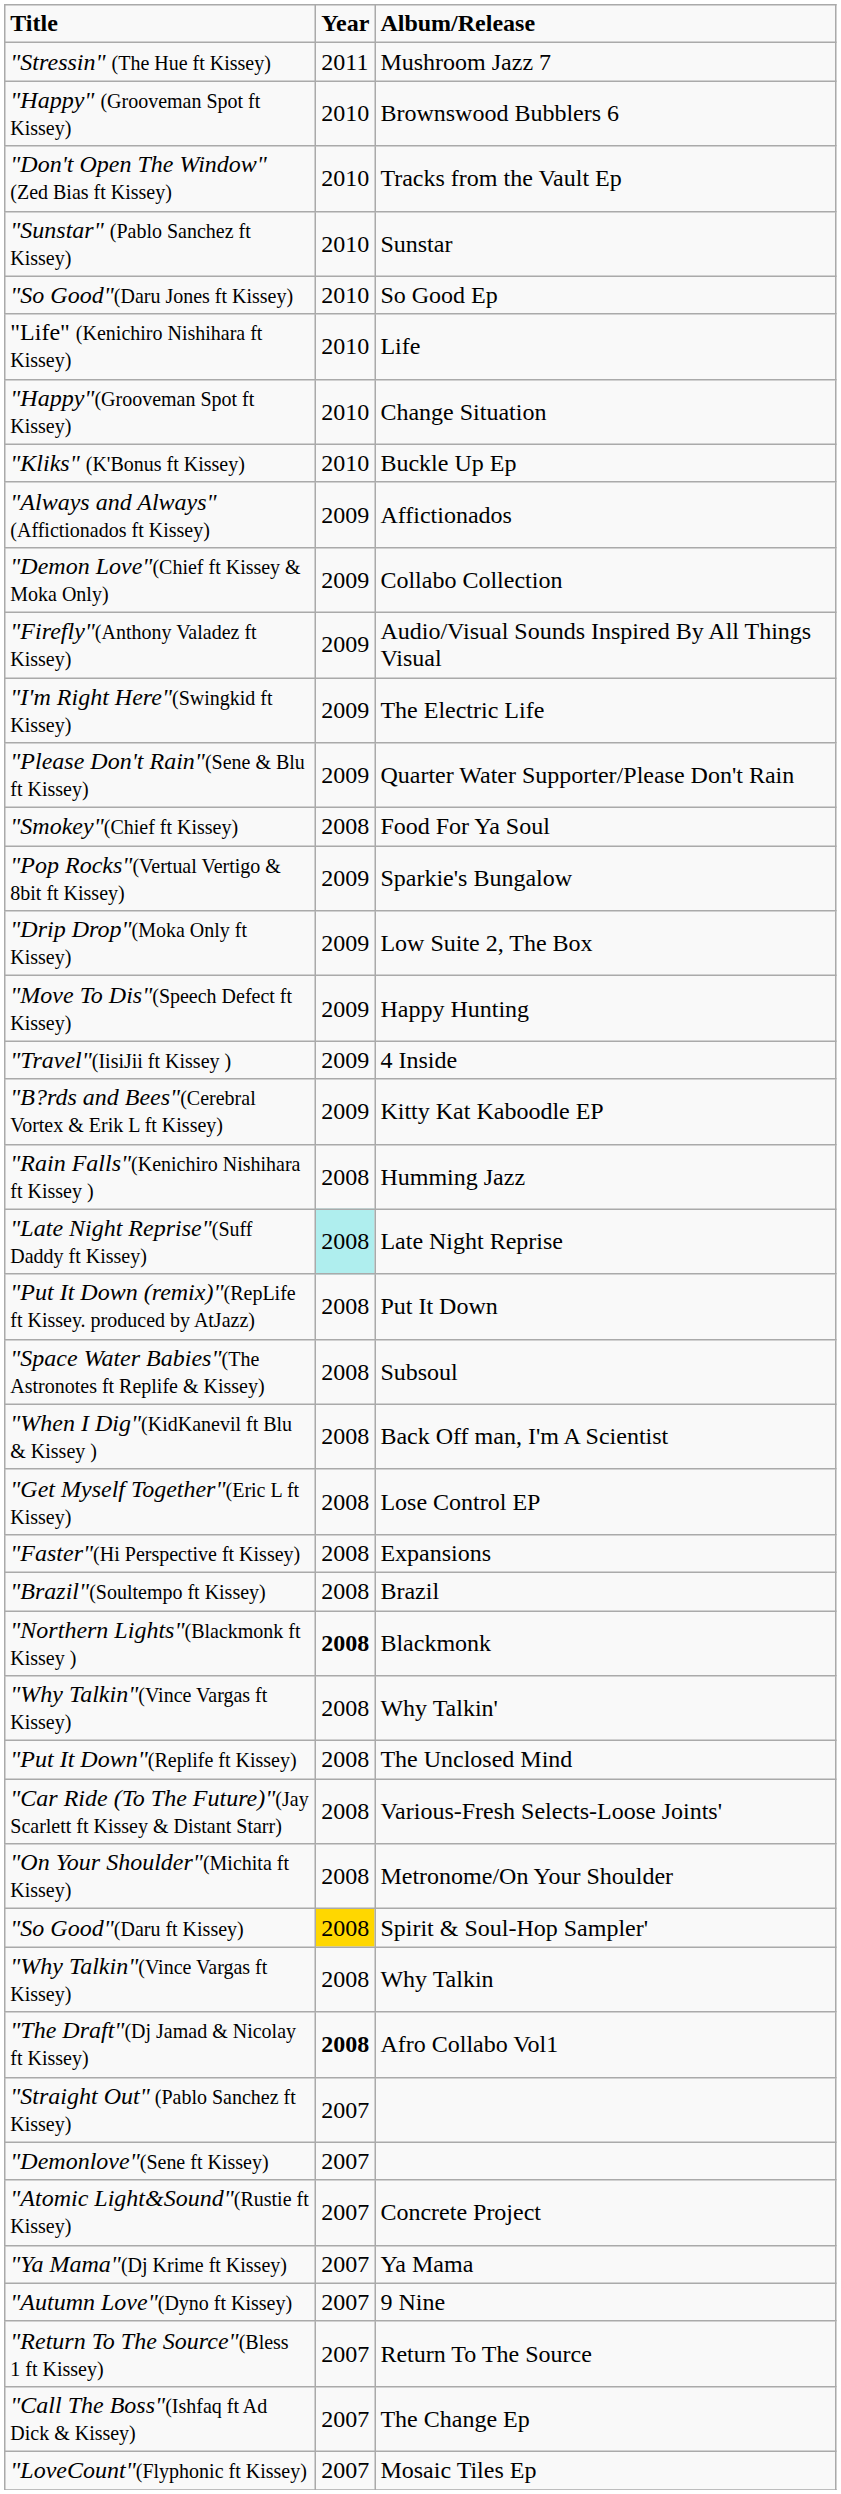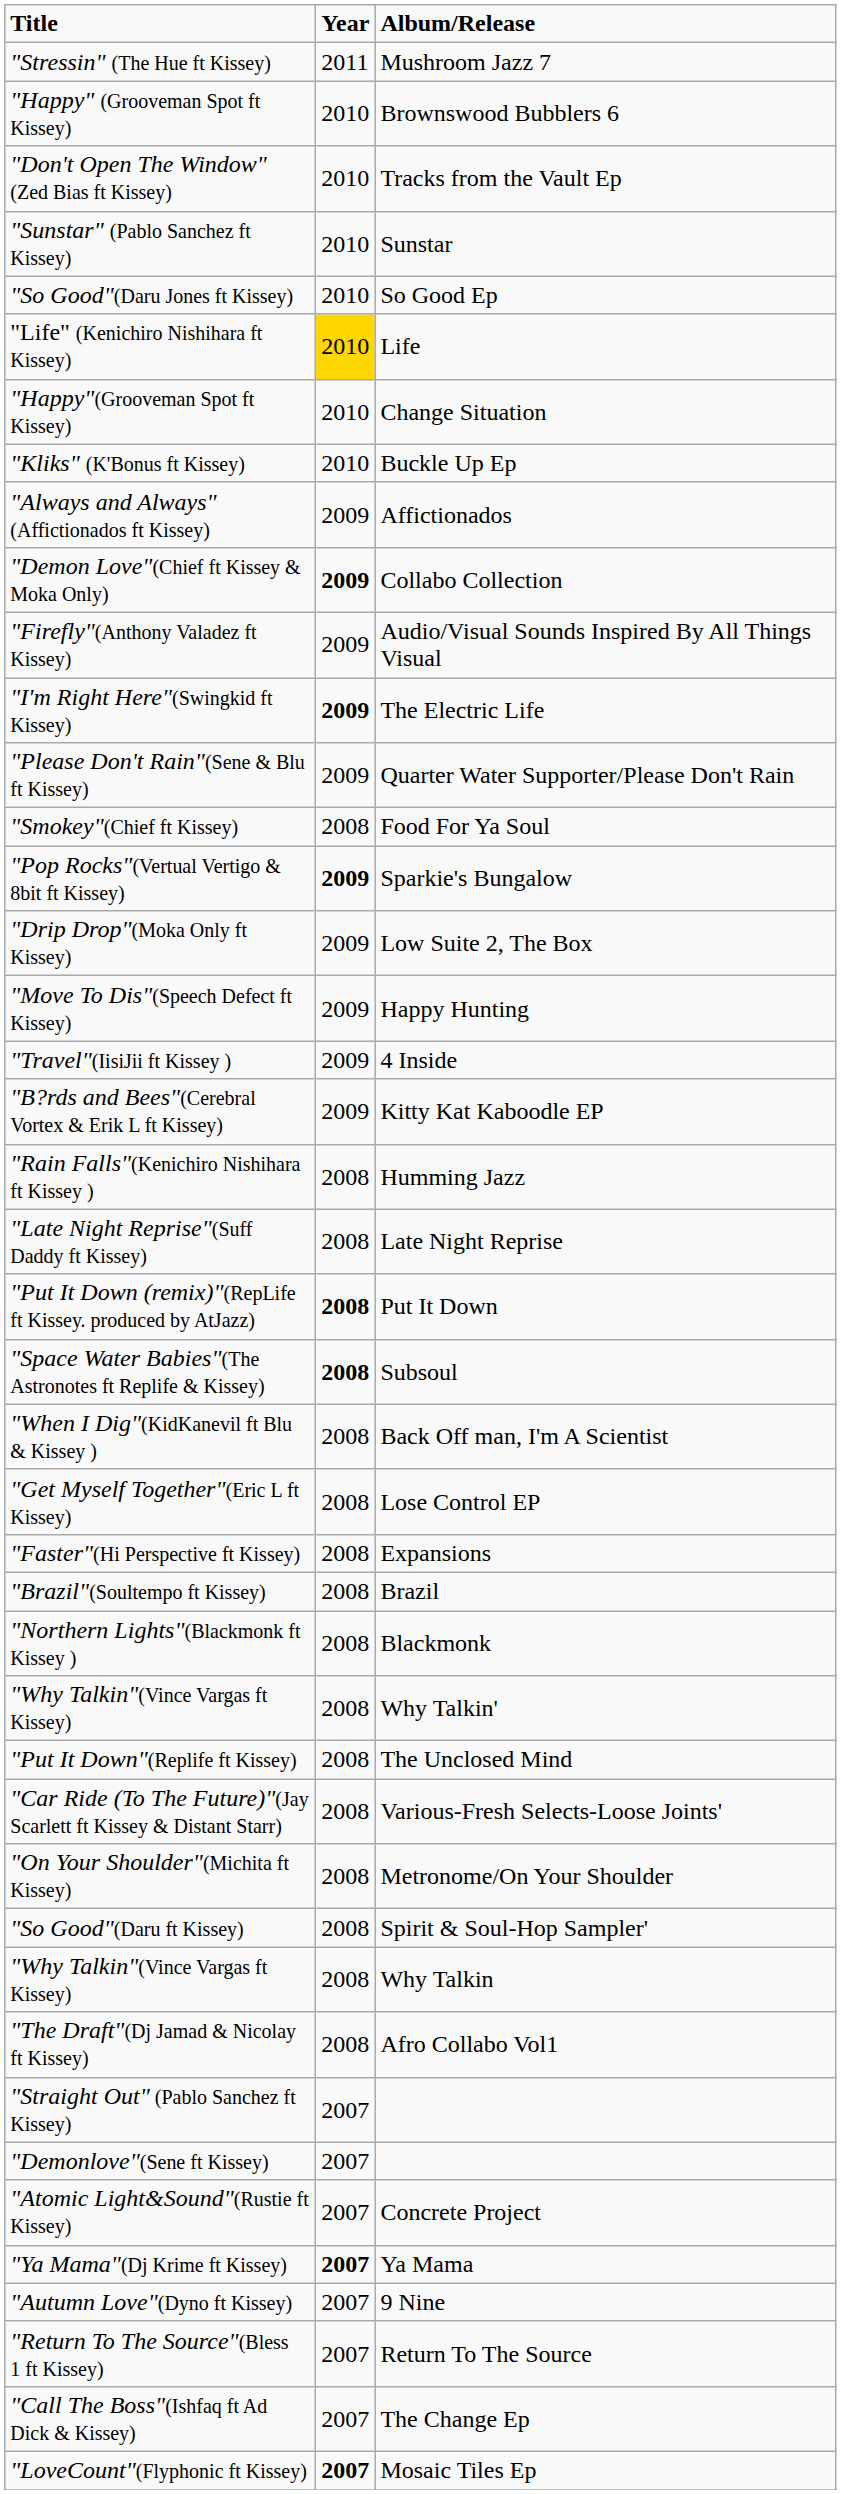 <table class="wikitable">
 <tr>
 <td width="200pt"><strong>Title</strong></td>
 <td width="20pt"><strong>Year</strong></td>
 <td width="300pt"><strong>Album/Release</strong></td>
 </tr>
 <tr>
 <td><em>"Stressin"</em> <small>(The Hue ft Kissey)</small></td>
 <td>2011</td>
 <td>Mushroom Jazz 7</td>
 </tr>
 <tr>
 <td><em>"Happy"</em> <small>(Grooveman Spot ft Kissey)</small></td>
 <td>2010</td>
 <td>Brownswood Bubblers 6</td>
 </tr>
 <tr>
 <td><em>"Don't Open The Window"</em> <small>(Zed Bias ft Kissey)</small></td>
 <td>2010</td>
 <td>Tracks from the Vault Ep</td>
 </tr>
 <tr>
 <td><em>"Sunstar"</em> <small>(Pablo Sanchez ft Kissey)</small></td>
 <td>2010</td>
 <td>Sunstar</td>
 </tr>
 <tr>
 <td><em>"So Good"</em><small>(Daru Jones ft Kissey)</small></td>
 <td>2010</td>
 <td>So Good Ep</td>
 </tr>
 <tr>
 <td>"Life" <small>(Kenichiro Nishihara ft Kissey)</small></td>
-<td>2010</td>
+<td style="background: gold;">2010</td>
 <td>Life</td>
 </tr>
 <tr>
 <td><em>"Happy"</em><small>(Grooveman Spot ft Kissey)</small></td>
 <td>2010</td>
 <td>Change Situation</td>
 </tr>
 <tr>
 <td><em>"Kliks"</em> <small>(K'Bonus ft Kissey)</small></td>
 <td>2010</td>
 <td>Buckle Up Ep</td>
 </tr>
 <tr>
 <td><em>"Always and Always"</em> <small>(Affictionados ft Kissey)</small></td>
 <td>2009</td>
 <td>Affictionados</td>
 </tr>
 <tr>
 <td><em>"Demon Love"</em><small>(Chief ft Kissey & Moka Only)</small></td>
-<td>2009</td>
+<td><strong>2009</strong></td>
 <td>Collabo Collection</td>
 </tr>
 <tr>
 <td><em>"Firefly"</em><small>(Anthony Valadez ft Kissey)</small></td>
 <td>2009</td>
 <td>Audio/Visual Sounds Inspired By All Things Visual</td>
 </tr>
 <tr>
 <td><em>"I'm Right Here"</em><small>(Swingkid ft Kissey)</small></td>
-<td>2009</td>
+<td><strong>2009</strong></td>
 <td>The Electric Life</td>
 </tr>
 <tr>
 <td><em>"Please Don't Rain"</em><small>(Sene & Blu ft Kissey)</small></td>
 <td>2009</td>
 <td>Quarter Water Supporter/Please Don't Rain</td>
 </tr>
 <tr>
 <td><em>"Smokey"</em><small>(Chief ft Kissey)</small></td>
 <td>2008</td>
 <td>Food For Ya Soul</td>
 </tr>
 <tr>
 <td><em>"Pop Rocks"</em><small>(Vertual Vertigo & 8bit ft Kissey)</small></td>
-<td>2009</td>
+<td><strong>2009</strong></td>
 <td>Sparkie's Bungalow</td>
 </tr>
 <tr>
 <td><em>"Drip Drop"</em><small>(Moka Only ft Kissey)</small></td>
 <td>2009</td>
 <td>Low Suite 2, The Box</td>
 </tr>
 <tr>
 <td><em>"Move To Dis"</em><small>(Speech Defect ft Kissey)</small></td>
 <td>2009</td>
 <td>Happy Hunting</td>
 </tr>
 <tr>
 <td><em>"Travel"</em><small>(IisiJii ft Kissey )</small></td>
 <td>2009</td>
 <td>4 Inside</td>
 </tr>
 <tr>
 <td><em>"B?rds and Bees"</em><small>(Cerebral Vortex & Erik L ft Kissey)</small></td>
 <td>2009</td>
 <td>Kitty Kat Kaboodle EP</td>
 </tr>
 <tr>
 <td><em>"Rain Falls"</em><small>(Kenichiro Nishihara ft Kissey )</small></td>
 <td>2008</td>
 <td>Humming Jazz</td>
 </tr>
 <tr>
 <td><em>"Late Night Reprise"</em><small>(Suff Daddy ft Kissey)</small></td>
-<td style="background: paleturquoise;">2008</td>
+<td>2008</td>
 <td>Late Night Reprise</td>
 </tr>
 <tr>
 <td><em>"Put It Down (remix)"</em><small>(RepLife ft Kissey. produced by AtJazz)</small></td>
-<td>2008</td>
+<td><strong>2008</strong></td>
 <td>Put It Down</td>
 </tr>
 <tr>
 <td><em>"Space Water Babies"</em><small>(The Astronotes ft Replife & Kissey)</small></td>
-<td>2008</td>
+<td><strong>2008</strong></td>
 <td>Subsoul</td>
 </tr>
 <tr>
 <td><em>"When I Dig"</em><small>(KidKanevil ft Blu & Kissey )</small></td>
 <td>2008</td>
 <td>Back Off man, I'm A Scientist</td>
 </tr>
 <tr>
 <td><em>"Get Myself Together"</em><small>(Eric L ft Kissey)</small></td>
 <td>2008</td>
 <td>Lose Control EP</td>
 </tr>
 <tr>
 <td><em>"Faster"</em><small>(Hi Perspective ft Kissey)</small></td>
 <td>2008</td>
 <td>Expansions</td>
 </tr>
 <tr>
 <td><em>"Brazil"</em><small>(Soultempo ft Kissey)</small></td>
 <td>2008</td>
 <td>Brazil</td>
 </tr>
 <tr>
 <td><em>"Northern Lights"</em><small>(Blackmonk ft Kissey )</small></td>
-<td><strong>2008</strong></td>
+<td>2008</td>
 <td>Blackmonk</td>
 </tr>
 <tr>
 <td><em>"Why Talkin"</em><small>(Vince Vargas ft Kissey)</small></td>
 <td>2008</td>
 <td>Why Talkin'</td>
 </tr>
 <tr>
 <td><em>"Put It Down"</em><small>(Replife ft Kissey)</small></td>
 <td>2008</td>
 <td>The Unclosed Mind</td>
 </tr>
 <tr>
 <td><em>"Car Ride (To The Future)"</em><small>(Jay Scarlett ft Kissey & Distant Starr)</small></td>
 <td>2008</td>
 <td>Various-Fresh Selects-Loose Joints'</td>
 </tr>
 <tr>
 <td><em>"On Your Shoulder"</em><small>(Michita ft Kissey)</small></td>
 <td>2008</td>
 <td>Metronome/On Your Shoulder</td>
 </tr>
 <tr>
 <td><em>"So Good"</em><small>(Daru ft Kissey)</small></td>
-<td style="background: gold;">2008</td>
+<td>2008</td>
 <td>Spirit & Soul-Hop Sampler'</td>
 </tr>
 <tr>
 <td><em>"Why Talkin"</em><small>(Vince Vargas ft Kissey)</small></td>
 <td>2008</td>
 <td>Why Talkin</td>
 </tr>
 <tr>
 <td><em>"The Draft"</em><small>(Dj Jamad & Nicolay ft Kissey)</small></td>
-<td><strong>2008</strong></td>
+<td>2008</td>
 <td>Afro Collabo Vol1</td>
 </tr>
 <tr>
 <td><em>"Straight Out"</em><small> (Pablo Sanchez ft Kissey)</small></td>
 <td>2007</td>
 <td></td>
 </tr>
 <tr>
 <td><em>"Demonlove"</em><small>(Sene ft Kissey)</small></td>
 <td>2007</td>
 <td></td>
 </tr>
 <tr>
 <td><em>"Atomic Light&Sound"</em><small>(Rustie ft Kissey)</small></td>
 <td>2007</td>
 <td>Concrete Project</td>
 </tr>
 <tr>
 <td><em>"Ya Mama"</em><small>(Dj Krime ft Kissey)</small></td>
-<td>2007</td>
+<td><strong>2007</strong></td>
 <td>Ya Mama</td>
 </tr>
 <tr>
 <td><em>"Autumn Love"</em><small>(Dyno ft Kissey)</small></td>
 <td>2007</td>
 <td>9 Nine</td>
 </tr>
 <tr>
 <td><em>"Return To The Source"</em><small>(Bless 1 ft Kissey)</small></td>
 <td>2007</td>
 <td>Return To The Source</td>
 </tr>
 <tr>
 <td><em>"Call The Boss"</em><small>(Ishfaq ft Ad Dick & Kissey)</small></td>
 <td>2007</td>
 <td>The Change Ep</td>
 </tr>
 <tr>
 <td><em>"LoveCount"</em><small>(Flyphonic ft Kissey)</small></td>
-<td>2007</td>
+<td><strong>2007</strong></td>
 <td>Mosaic Tiles Ep</td>
 </tr>
 <tr | >
 </tr>
 <tr>
 </tr>
 </table>
